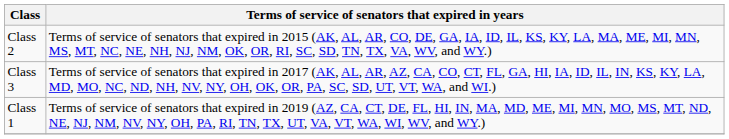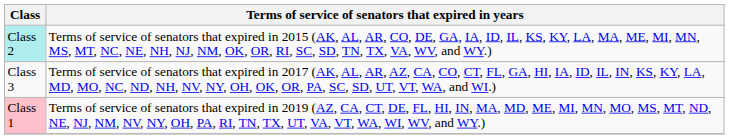 <table class="wikitable sortable">
 <tr valign=bottom>
 <th>Class</th>
 <th>Terms of service of senators that expired in years</th>
 </tr>
 <tr>
-<td>Class 2</td>
+<td style="background: paleturquoise;">Class 2</td>
 <td>Terms of service of senators that expired in 2015 (<a href='#'>AK</a>, <a href='#'>AL</a>, <a href='#'>AR</a>, <a href='#'>CO</a>, <a href='#'>DE</a>, <a href='#'>GA</a>, <a href='#'>IA</a>, <a href='#'>ID</a>, <a href='#'>IL</a>, <a href='#'>KS</a>, <a href='#'>KY</a>, <a href='#'>LA</a>, <a href='#'>MA</a>, <a href='#'>ME</a>, <a href='#'>MI</a>, <a href='#'>MN</a>, <a href='#'>MS</a>, <a href='#'>MT</a>, <a href='#'>NC</a>, <a href='#'>NE</a>, <a href='#'>NH</a>, <a href='#'>NJ</a>, <a href='#'>NM</a>, <a href='#'>OK</a>, <a href='#'>OR</a>, <a href='#'>RI</a>, <a href='#'>SC</a>, <a href='#'>SD</a>, <a href='#'>TN</a>, <a href='#'>TX</a>, <a href='#'>VA</a>, <a href='#'>WV</a>, and <a href='#'>WY</a>.)</td>
 </tr>
 <tr>
 <td>Class 3</td>
 <td>Terms of service of senators that expired in 2017 (<a href='#'>AK</a>, <a href='#'>AL</a>, <a href='#'>AR</a>, <a href='#'>AZ</a>, <a href='#'>CA</a>, <a href='#'>CO</a>, <a href='#'>CT</a>, <a href='#'>FL</a>, <a href='#'>GA</a>, <a href='#'>HI</a>, <a href='#'>IA</a>, <a href='#'>ID</a>, <a href='#'>IL</a>, <a href='#'>IN</a>, <a href='#'>KS</a>, <a href='#'>KY</a>, <a href='#'>LA</a>, <a href='#'>MD</a>, <a href='#'>MO</a>, <a href='#'>NC</a>, <a href='#'>ND</a>, <a href='#'>NH</a>, <a href='#'>NV</a>, <a href='#'>NY</a>, <a href='#'>OH</a>, <a href='#'>OK</a>, <a href='#'>OR</a>, <a href='#'>PA</a>, <a href='#'>SC</a>, <a href='#'>SD</a>, <a href='#'>UT</a>, <a href='#'>VT</a>, <a href='#'>WA</a>, and <a href='#'>WI</a>.)</td>
 </tr>
 <tr>
-<td>Class 1</td>
+<td style="background: pink;">Class 1</td>
 <td>Terms of service of senators that expired in 2019 (<a href='#'>AZ</a>, <a href='#'>CA</a>, <a href='#'>CT</a>, <a href='#'>DE</a>, <a href='#'>FL</a>, <a href='#'>HI</a>, <a href='#'>IN</a>, <a href='#'>MA</a>, <a href='#'>MD</a>, <a href='#'>ME</a>, <a href='#'>MI</a>, <a href='#'>MN</a>, <a href='#'>MO</a>, <a href='#'>MS</a>, <a href='#'>MT</a>, <a href='#'>ND</a>, <a href='#'>NE</a>, <a href='#'>NJ</a>, <a href='#'>NM</a>, <a href='#'>NV</a>, <a href='#'>NY</a>, <a href='#'>OH</a>, <a href='#'>PA</a>, <a href='#'>RI</a>, <a href='#'>TN</a>, <a href='#'>TX</a>, <a href='#'>UT</a>, <a href='#'>VA</a>, <a href='#'>VT</a>, <a href='#'>WA</a>, <a href='#'>WI</a>, <a href='#'>WV</a>, and <a href='#'>WY</a>.)</td>
 </tr>
 <tr>
 </tr>
 </table>
